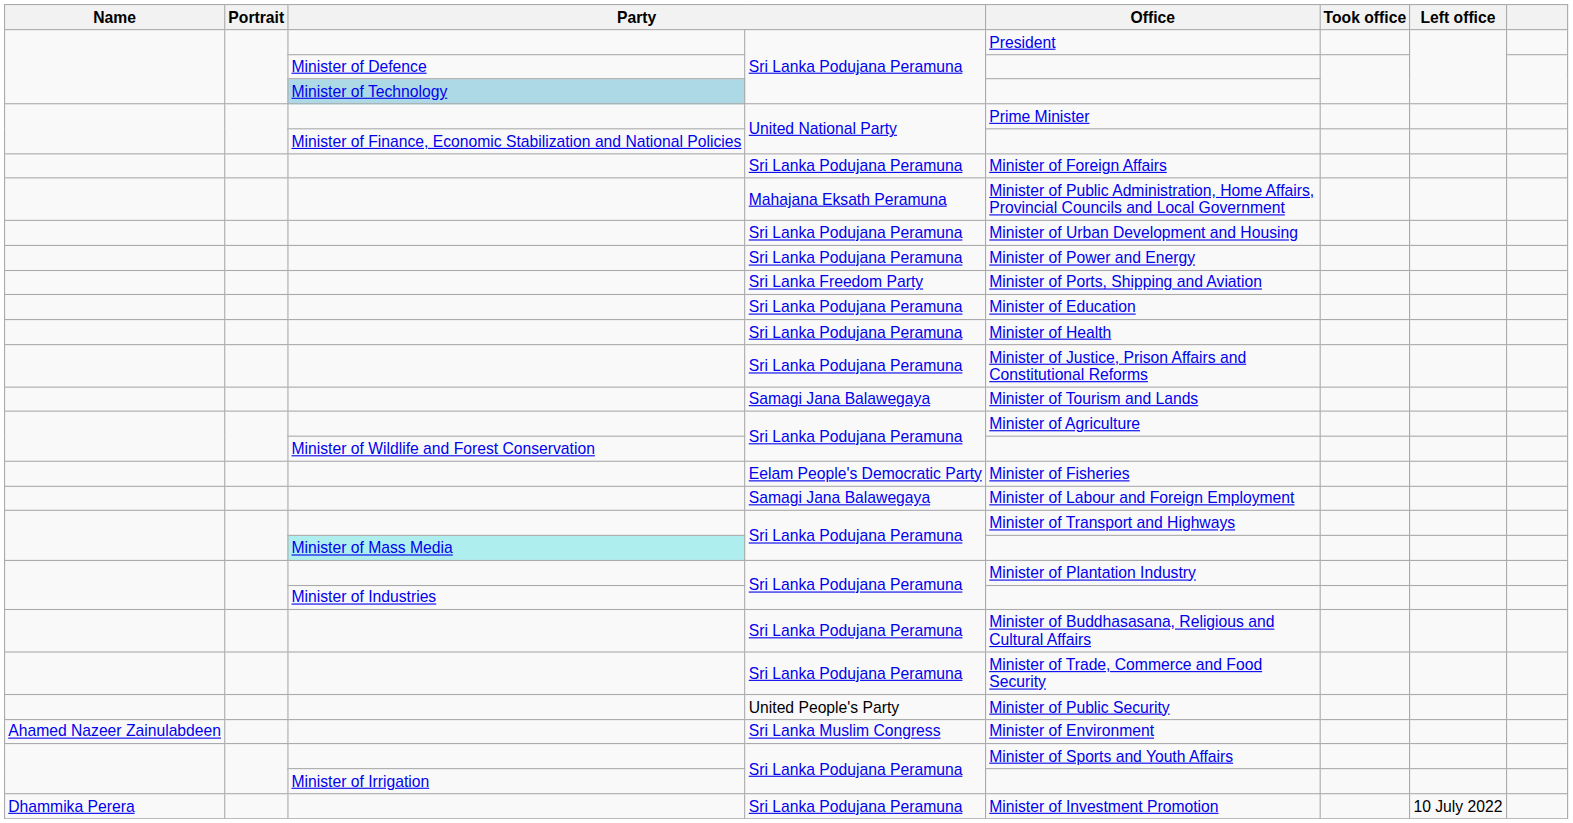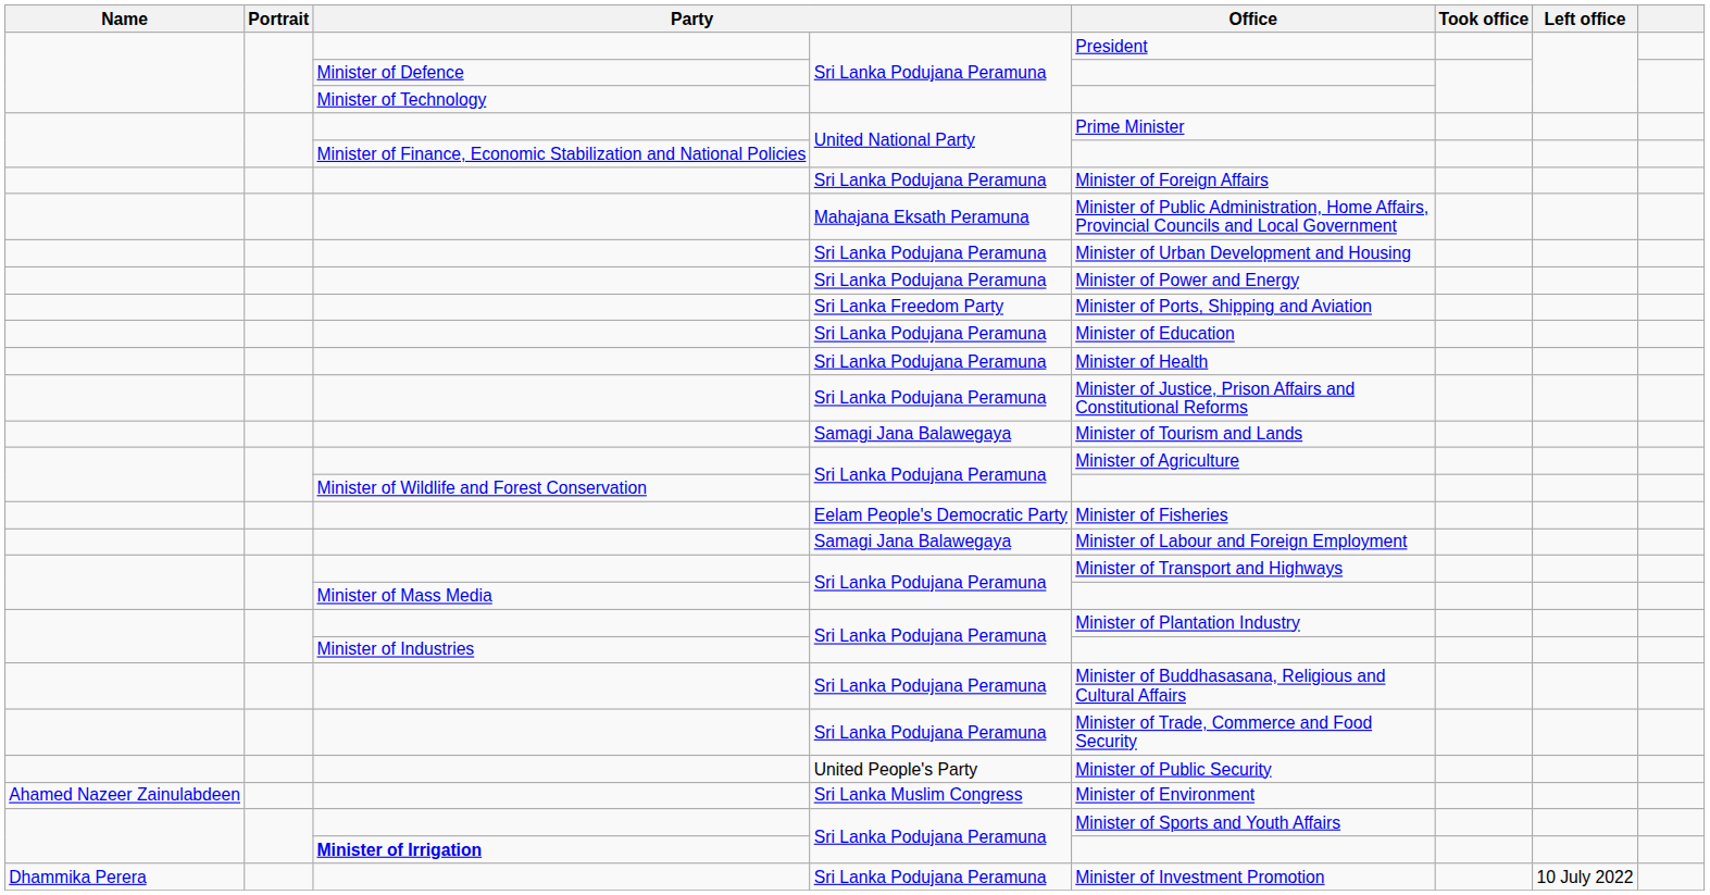 <table class="wikitable plainrowheaders sortable" style="font-size:90%; text-align:left;">
 <tr>
 <th scope="col">Name</th>
 <th scope="col" class="unsortable">Portrait</th>
 <th colspan="2" scope="col">Party</th>
 <th scope="col" width="300px">Office</th>
 <th scope="col">Took office</th>
 <th scope="col">Left office</th>
 <th scope="col" width="50px" class="unsortable"></th>
 </tr>
 <tr>
 <td rowspan="3"></td>
 <td rowspan="3" align="center"></td>
 <td style="background:"></td>
 <td rowspan="3"><a href='#'>Sri Lanka Podujana Peramuna</a></td>
 <td><a href='#'>President</a></td>
 <td align="center"></td>
 <td rowspan="3" align="center"></td>
 <td align="center"></td>
 </tr>
 <tr>
 <td><a href='#'>Minister of Defence</a></td>
 <td align="center"></td>
 <td rowspan="2" align="center"></td>
 </tr>
 <tr>
-<td style="background: lightblue;"><a href='#'>Minister of Technology</a></td>
+<td><a href='#'>Minister of Technology</a></td>
 <td align="center"></td>
 </tr>
 <tr>
 <td rowspan="2"></td>
 <td rowspan="2" align="center"></td>
 <td style="background:"></td>
 <td rowspan="2"><a href='#'>United National Party</a></td>
 <td><a href='#'>Prime Minister</a></td>
 <td align="center"></td>
 <td align="center"></td>
 <td align="center"></td>
 </tr>
 <tr>
 <td><a href='#'>Minister of Finance, Economic Stabilization and National Policies</a></td>
 <td align="center"></td>
 <td align="center"></td>
 <td align="center"></td>
 </tr>
 <tr>
 <td></td>
 <td align="center"></td>
 <td style="background:"></td>
 <td><a href='#'>Sri Lanka Podujana Peramuna</a></td>
 <td><a href='#'>Minister of Foreign Affairs</a></td>
 <td align="center"></td>
 <td align="center"></td>
 <td align="center"></td>
 </tr>
 <tr>
 <td></td>
 <td align="center"></td>
 <td style="background:"></td>
 <td><a href='#'>Mahajana Eksath Peramuna</a></td>
 <td><a href='#'>Minister of Public Administration, Home Affairs, Provincial Councils and Local Government</a></td>
 <td align="center"></td>
 <td align="center"></td>
 <td align="center"></td>
 </tr>
 <tr>
 <td></td>
 <td align="center"></td>
 <td style="background:"></td>
 <td><a href='#'>Sri Lanka Podujana Peramuna</a></td>
 <td><a href='#'>Minister of Urban Development and Housing</a></td>
 <td align="center"></td>
 <td align="center"></td>
 <td align="center"></td>
 </tr>
 <tr>
 <td></td>
 <td align="center"></td>
 <td style="background:"></td>
 <td><a href='#'>Sri Lanka Podujana Peramuna</a></td>
 <td><a href='#'>Minister of Power and Energy</a></td>
 <td align="center"></td>
 <td></td>
 <td align="center"></td>
 </tr>
 <tr>
 <td></td>
 <td align="center"></td>
 <td style="background:"></td>
 <td><a href='#'>Sri Lanka Freedom Party</a></td>
 <td><a href='#'>Minister of Ports, Shipping and Aviation</a></td>
 <td align="center"></td>
 <td align="center"></td>
 <td align="center"></td>
 </tr>
 <tr>
 <td></td>
 <td align="center"></td>
 <td style="background:"></td>
 <td><a href='#'>Sri Lanka Podujana Peramuna</a></td>
 <td><a href='#'>Minister of Education</a></td>
 <td align="center"></td>
 <td></td>
 <td align="center"></td>
 </tr>
 <tr>
 <td></td>
 <td align="center"></td>
 <td style="background:"></td>
 <td><a href='#'>Sri Lanka Podujana Peramuna</a></td>
 <td><a href='#'>Minister of Health</a></td>
 <td align="center"></td>
 <td align="center"></td>
 <td align="center"></td>
 </tr>
 <tr>
 <td></td>
 <td align="center"></td>
 <td style="background:"></td>
 <td><a href='#'>Sri Lanka Podujana Peramuna</a></td>
 <td><a href='#'>Minister of Justice, Prison Affairs and Constitutional Reforms</a></td>
 <td align="center"></td>
 <td></td>
 <td align="center"></td>
 </tr>
 <tr>
 <td></td>
 <td align="center"></td>
 <td style="background:"></td>
 <td><a href='#'>Samagi Jana Balawegaya</a></td>
 <td><a href='#'>Minister of Tourism and Lands</a></td>
 <td align="center"></td>
 <td align="center"></td>
 <td align="center"></td>
 </tr>
 <tr>
 <td rowspan="2"></td>
 <td rowspan="2" align="center"></td>
 <td style="background:"></td>
 <td rowspan="2"><a href='#'>Sri Lanka Podujana Peramuna</a></td>
 <td><a href='#'>Minister of Agriculture</a></td>
 <td align="center"></td>
 <td></td>
 <td align="center"></td>
 </tr>
 <tr>
 <td><a href='#'>Minister of Wildlife and Forest Conservation</a></td>
 <td align="center"></td>
 <td></td>
 <td align="center"></td>
 </tr>
 <tr>
 <td></td>
 <td align="center"></td>
 <td style="background:"></td>
 <td><a href='#'>Eelam People's Democratic Party</a></td>
 <td><a href='#'>Minister of Fisheries</a></td>
 <td align="center"></td>
 <td align="center"></td>
 <td align="center"></td>
 </tr>
 <tr>
 <td></td>
 <td align="center"></td>
 <td style="background:"></td>
 <td><a href='#'>Samagi Jana Balawegaya</a></td>
 <td><a href='#'>Minister of Labour and Foreign Employment</a></td>
 <td align="center"></td>
 <td align="center"></td>
 <td align="center"></td>
 </tr>
 <tr>
 <td rowspan="2"></td>
 <td rowspan="2" align="center"></td>
 <td style="background:"></td>
 <td rowspan="2"><a href='#'>Sri Lanka Podujana Peramuna</a></td>
 <td><a href='#'>Minister of Transport and Highways</a></td>
 <td align="center"></td>
 <td align="center"></td>
 <td align="center"></td>
 </tr>
 <tr>
-<td style="background: paleturquoise;"><a href='#'>Minister of Mass Media</a></td>
+<td><a href='#'>Minister of Mass Media</a></td>
 <td align="center"></td>
 <td></td>
 <td align="center"></td>
 </tr>
 <tr>
 <td rowspan="2"></td>
 <td rowspan="2" align="center"></td>
 <td style="background:"></td>
 <td rowspan="2"><a href='#'>Sri Lanka Podujana Peramuna</a></td>
 <td><a href='#'>Minister of Plantation Industry</a></td>
 <td align="center"></td>
 <td align="center"></td>
 <td align="center"></td>
 </tr>
 <tr>
 <td><a href='#'>Minister of Industries</a></td>
 <td align="center"></td>
 <td></td>
 <td align="center"></td>
 </tr>
 <tr>
 <td></td>
 <td align="center"></td>
 <td style="background:"></td>
 <td><a href='#'>Sri Lanka Podujana Peramuna</a></td>
 <td><a href='#'>Minister of Buddhasasana, Religious and Cultural Affairs</a></td>
 <td align="center"></td>
 <td align="center"></td>
 <td align="center"></td>
 </tr>
 <tr>
 <td></td>
 <td align="center"></td>
 <td style="background:"></td>
 <td><a href='#'>Sri Lanka Podujana Peramuna</a></td>
 <td><a href='#'>Minister of Trade, Commerce and Food Security</a></td>
 <td align="center"></td>
 <td></td>
 <td align="center"></td>
 </tr>
 <tr>
 <td></td>
 <td align="center"></td>
 <td style="background:"></td>
 <td>United People's Party</td>
 <td><a href='#'>Minister of Public Security</a></td>
 <td align="center"></td>
 <td></td>
 <td align="center"></td>
 </tr>
 <tr>
 <td><a href='#'>Ahamed Nazeer Zainulabdeen</a></td>
 <td></td>
 <td style="background:"></td>
 <td><a href='#'>Sri Lanka Muslim Congress</a></td>
 <td><a href='#'>Minister of Environment</a></td>
 <td align="center"></td>
 <td></td>
 <td align="center"></td>
 </tr>
 <tr>
 <td rowspan="2"></td>
 <td rowspan="2" align="center"></td>
 <td style="background:"></td>
 <td rowspan="2"><a href='#'>Sri Lanka Podujana Peramuna</a></td>
 <td><a href='#'>Minister of Sports and Youth Affairs</a></td>
 <td align="center"></td>
 <td></td>
 <td align="center"></td>
 </tr>
 <tr>
-<td><a href='#'>Minister of Irrigation</a></td>
+<td><strong><a href='#'>Minister of Irrigation</a></strong></td>
 <td align="center"></td>
 <td></td>
 <td align="center"></td>
 </tr>
 <tr>
 <td><a href='#'>Dhammika Perera</a></td>
 <td></td>
 <td style="background:"></td>
 <td><a href='#'>Sri Lanka Podujana Peramuna</a></td>
 <td><a href='#'>Minister of Investment Promotion</a></td>
 <td align="center"></td>
 <td>10 July 2022</td>
 <td align="center"></td>
 </tr>
 </table>
